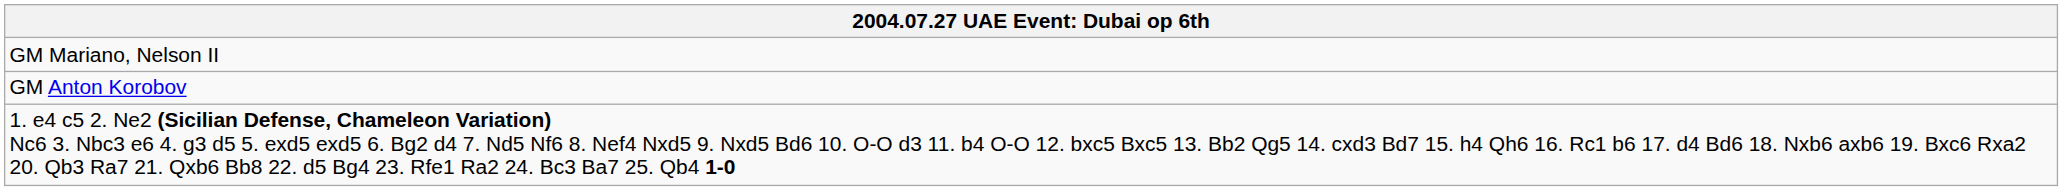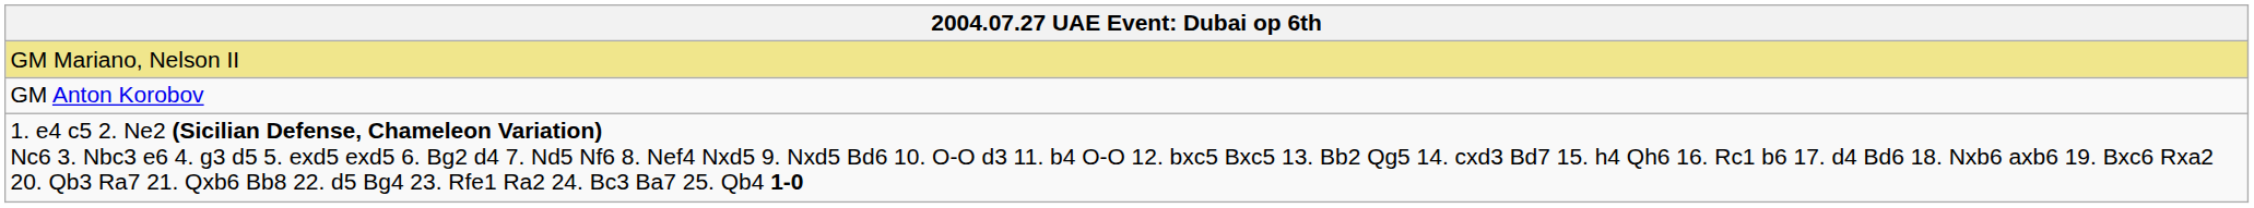 <table class="wikitable">
 <tr>
 <th><strong>2004.07.27</strong> <strong>UAE</strong> <strong>Event: Dubai op 6th</strong></th>
 </tr>
 <tr>
-<td>GM Mariano, Nelson II</td>
+<td style="background: khaki;">GM Mariano, Nelson II</td>
 </tr>
 <tr>
 <td>GM <a href='#'>Anton Korobov</a></td>
 </tr>
 <tr>
 <td>1. e4 c5 2. Ne2 <strong>(Sicilian Defense, Chameleon Variation)</strong><br>Nc6 3. Nbc3 e6 4. g3 d5 5. exd5 exd5 6. Bg2 d4 7. Nd5 Nf6 8. Nef4 Nxd5 9. Nxd5 Bd6 10. O-O d3 11. b4 O-O 12. bxc5 Bxc5 13. Bb2 Qg5 14. cxd3 Bd7 15. h4 Qh6 16. Rc1 b6 17. d4 Bd6 18. Nxb6 axb6 19. Bxc6 Rxa2 20. Qb3 Ra7 21. Qxb6 Bb8 22. d5 Bg4 23. Rfe1 Ra2 24. Bc3 Ba7 25. Qb4 <strong>1-0</strong></td>
 </tr>
 </table>
